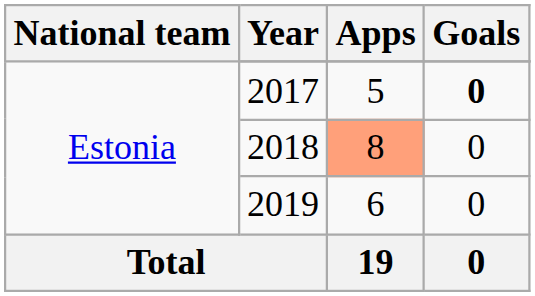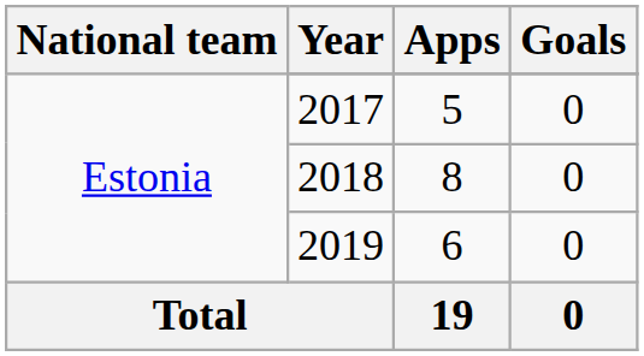 <table class=wikitable style="text-align: center;">
 <tr>
 <th>National team</th>
 <th>Year</th>
 <th>Apps</th>
 <th>Goals</th>
 </tr>
 <tr>
 <td rowspan=4><a href='#'>Estonia</a></td>
 </tr>
 <tr>
 <td>2017</td>
 <td>5</td>
-<td><strong>0</strong></td>
+<td>0</td>
 </tr>
 <tr>
 <td>2018</td>
-<td style="background: lightsalmon;">8</td>
+<td>8</td>
 <td>0</td>
 </tr>
 <tr>
 <td>2019</td>
 <td>6</td>
 <td>0</td>
 </tr>
 <tr>
 <th colspan=2>Total</th>
 <th>19</th>
 <th>0</th>
 </tr>
 </table>
